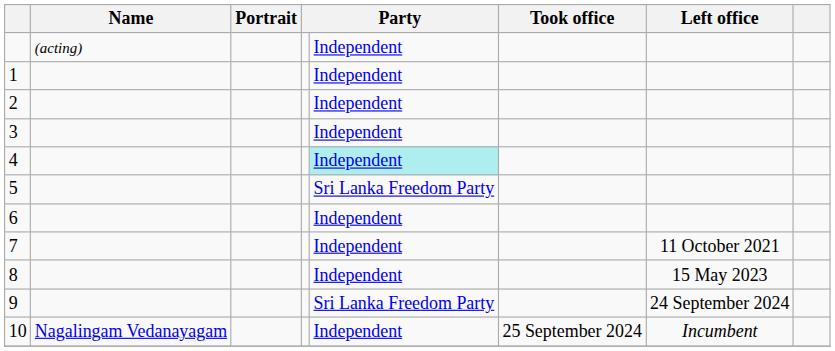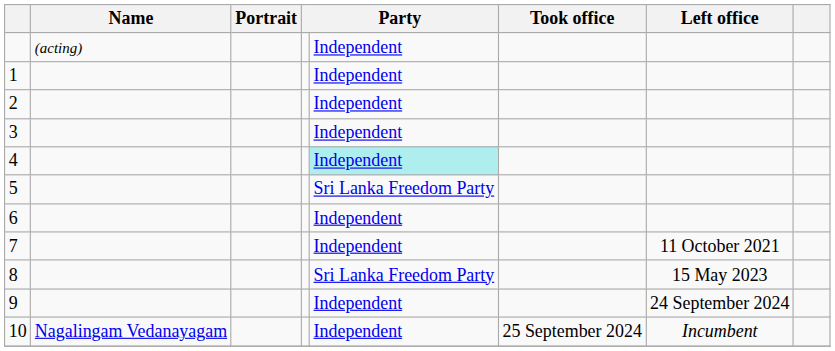 <table class="wikitable plainrowheaders sortable" style="font-size:100%; text-align:left;">
 <tr>
 <th scope=col></th>
 <th scope=col>Name</th>
 <th scope=col class=unsortable>Portrait</th>
 <th scope=col colspan="2">Party</th>
 <th scope=col>Took office</th>
 <th scope=col>Left office</th>
 <th scope=col width=25px class=unsortable></th>
 </tr>
 <tr>
 <td></td>
 <td> <small><em>(acting)</em></small></td>
 <td align=center></td>
 <td !align="center" style="background:"></td>
 <td><a href='#'>Independent</a></td>
 <td align=center></td>
 <td align=center></td>
 <td align=center></td>
 </tr>
 <tr>
 <td>1</td>
 <td></td>
 <td align=center></td>
 <td !align="center" style="background:"></td>
 <td><a href='#'>Independent</a></td>
 <td align=center></td>
 <td align=center></td>
 <td align=center></td>
 </tr>
 <tr>
 <td>2</td>
 <td></td>
 <td align=center></td>
 <td !align="center" style="background:"></td>
 <td><a href='#'>Independent</a></td>
 <td align=center></td>
 <td align=center></td>
 <td align=center></td>
 </tr>
 <tr>
 <td>3</td>
 <td></td>
 <td align=center></td>
 <td !align="center" style="background:"></td>
 <td><a href='#'>Independent</a></td>
 <td align=center></td>
 <td align=center></td>
 <td align=center></td>
 </tr>
 <tr>
 <td>4</td>
 <td></td>
 <td align=center></td>
 <td !align="center" style="background:"></td>
 <td style="background: paleturquoise;"><a href='#'>Independent</a></td>
 <td align=center></td>
 <td align=center></td>
 <td align=center></td>
 </tr>
 <tr>
 <td>5</td>
 <td></td>
 <td align=center></td>
 <td !align="center" style="background:"></td>
 <td><a href='#'>Sri Lanka Freedom Party</a></td>
 <td align=center></td>
 <td align=center></td>
 <td align=center></td>
 </tr>
 <tr>
 <td>6</td>
 <td></td>
 <td align=center></td>
 <td !align="center" style="background:"></td>
 <td><a href='#'>Independent</a></td>
 <td align=center></td>
 <td align=center></td>
 <td align=center></td>
 </tr>
 <tr>
 <td>7</td>
 <td></td>
 <td align=center></td>
 <td !align="center" style="background:"></td>
 <td><a href='#'>Independent</a></td>
 <td align=center></td>
 <td align="center">11 October 2021</td>
 <td align=center></td>
 </tr>
 <tr>
 <td>8</td>
 <td></td>
 <td align=center></td>
 <td !align="center" style="background:"></td>
-<td><a href='#'>Independent</a></td>
+<td><a href='#'>Sri Lanka Freedom Party</a></td>
 <td align=center></td>
 <td align="center">15 May 2023</td>
 <td align=center></td>
 </tr>
 <tr>
 <td>9</td>
 <td></td>
 <td align=center></td>
 <td !align="center" style="background:"></td>
-<td><a href='#'>Sri Lanka Freedom Party</a></td>
+<td><a href='#'>Independent</a></td>
 <td align=center></td>
 <td align="center">24 September 2024</td>
 <td align="center"></td>
 </tr>
 <tr>
 <td>10</td>
 <td><a href='#'>Nagalingam Vedanayagam</a></td>
 <td></td>
 <td !align="center" style="background:"></td>
 <td><a href='#'>Independent</a></td>
 <td align=center>25 September 2024</td>
 <td align=center><em>Incumbent</em></td>
 <td align=center></td>
 </tr>
 <tr>
 </tr>
 </table>
